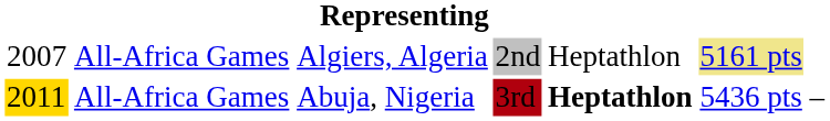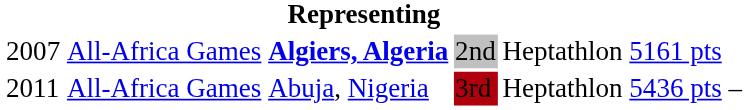 <table>
 <tr>
 <th colspan="6">Representing </th>
 </tr>
 <tr>
 <td>2007</td>
 <td><a href='#'>All-Africa Games</a></td>
-<td><a href='#'>Algiers, Algeria</a></td>
+<td><strong><a href='#'>Algiers, Algeria</a></strong></td>
 <td bgcolor="silver">2nd</td>
 <td>Heptathlon</td>
-<td style="background: khaki;"><a href='#'>5161 pts</a></td>
+<td><a href='#'>5161 pts</a></td>
 </tr>
 <tr>
-<td style="background: gold;">2011</td>
+<td>2011</td>
 <td><a href='#'>All-Africa Games</a></td>
 <td><a href='#'>Abuja</a>, <a href='#'>Nigeria</a></td>
 <td bgcolor="bronze">3rd</td>
-<td><strong>Heptathlon</strong></td>
+<td>Heptathlon</td>
 <td><a href='#'>5436 pts</a></td>
 <td>–</td>
 </tr>
 </table>
